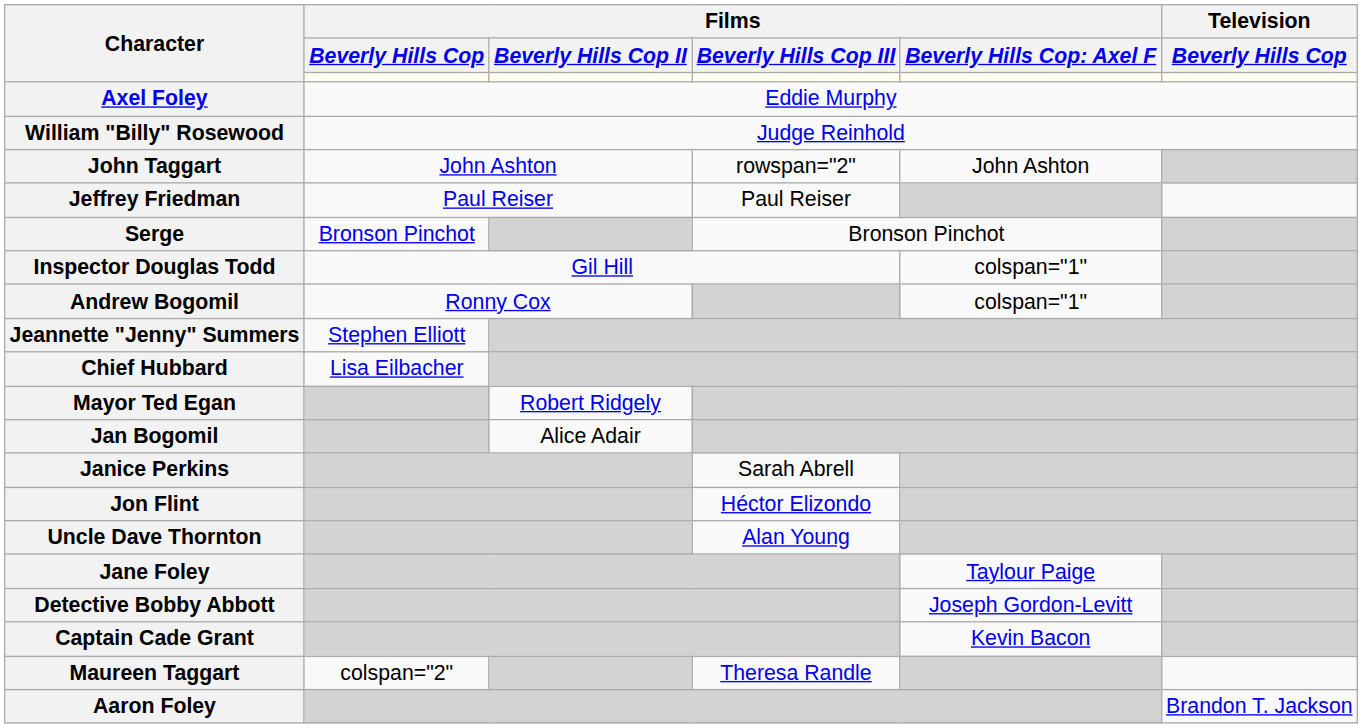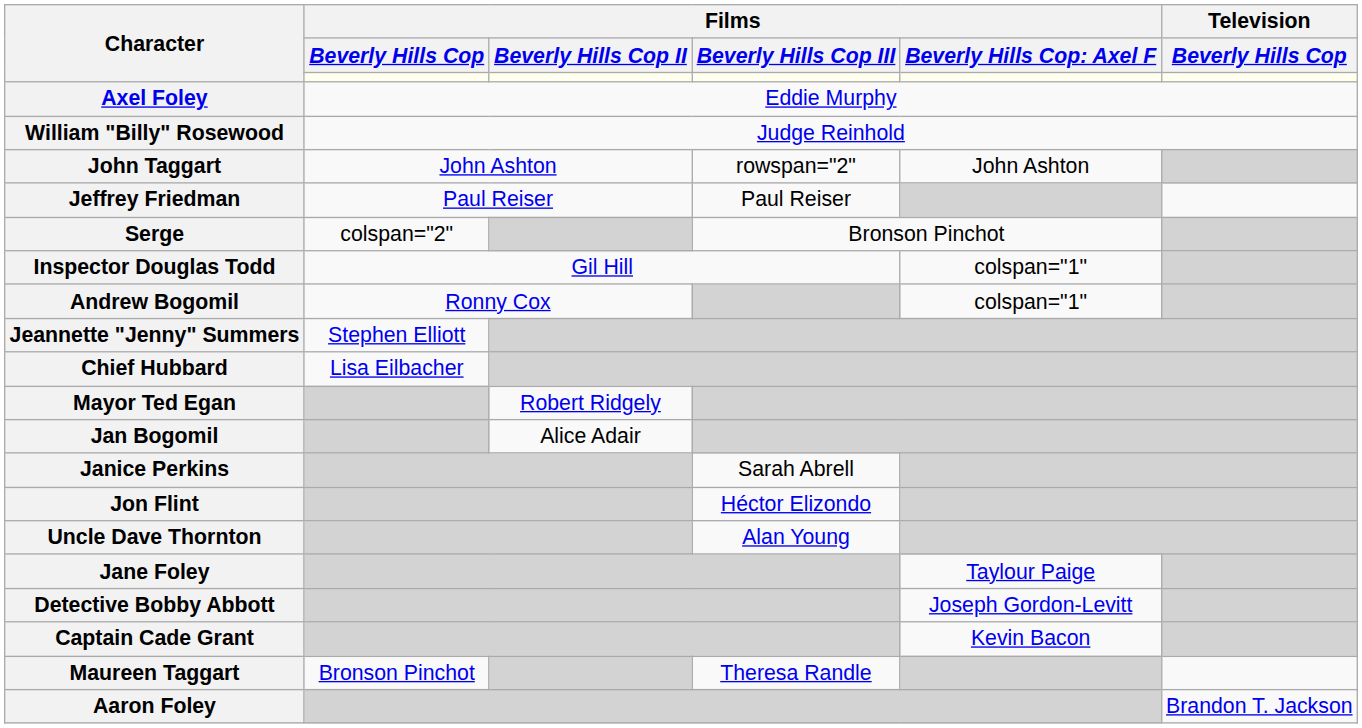 <table class="wikitable" style="text-align:center;">
 <tr>
 <th rowspan="3">Character</th>
 <th colspan="4">Films</th>
 <th>Television</th>
 </tr>
 <tr>
 <th><em><a href='#'>Beverly Hills Cop</a></em></th>
 <th><em><a href='#'>Beverly Hills Cop II</a></em></th>
 <th><em><a href='#'>Beverly Hills Cop III</a></em></th>
 <th><em><a href='#'>Beverly Hills Cop: Axel F</a></em></th>
 <th><a href='#'><em>Beverly Hills Cop</em></a></th>
 </tr>
 <tr>
 <th style="background:ivory;"></th>
 <th style="background:ivory;"></th>
 <th style="background:ivory;"></th>
 <th style="background:ivory;"></th>
 <th style="background:ivory;"></th>
 </tr>
 <tr>
 <th><a href='#'>Axel Foley</a></th>
 <td colspan="5"><a href='#'>Eddie Murphy</a></td>
 </tr>
 <tr>
 <th>William "Billy" Rosewood</th>
 <td colspan="5"><a href='#'>Judge Reinhold</a></td>
 </tr>
 <tr>
 <th>John Taggart</th>
 <td colspan="2"><a href='#'>John Ashton</a></td>
 <td>rowspan="2" </td>
 <td>John Ashton</td>
 <td style="background:#d3d3d3;"></td>
 </tr>
 <tr>
 <th>Jeffrey Friedman</th>
 <td colspan="2"><a href='#'>Paul Reiser</a></td>
 <td>Paul Reiser</td>
 <td style="background:#d3d3d3;"></td>
 </tr>
 <tr>
 <th>Serge</th>
-<td><a href='#'>Bronson Pinchot</a></td>
+<td>colspan="2" </td>
 <td style="background:#d3d3d3;"></td>
 <td colspan="2">Bronson Pinchot</td>
 <td style="background:#d3d3d3;"></td>
 </tr>
 <tr>
 <th>Inspector Douglas Todd</th>
 <td colspan="3"><a href='#'>Gil Hill</a></td>
 <td>colspan="1" </td>
 <td colspan="1" style="background:#d3d3d3;"></td>
 </tr>
 <tr>
 <th>Andrew Bogomil</th>
 <td colspan="2"><a href='#'>Ronny Cox</a></td>
 <td colspan="1" style="background:#d3d3d3;"></td>
 <td>colspan="1" </td>
 <td colspan="2" style="background:#d3d3d3;"></td>
 </tr>
 <tr>
 <th>Jeannette "Jenny" Summers</th>
 <td><a href='#'>Stephen Elliott</a></td>
 <td colspan="4" style="background:#d3d3d3;"></td>
 </tr>
 <tr>
 <th>Chief Hubbard</th>
 <td><a href='#'>Lisa Eilbacher</a></td>
 <td colspan="4" style="background:#d3d3d3;"></td>
 </tr>
 <tr>
 <th>Mayor Ted Egan</th>
 <td style="background:#d3d3d3;"></td>
 <td><a href='#'>Robert Ridgely</a></td>
 <td colspan="3" style="background:#d3d3d3;"></td>
 </tr>
 <tr>
 <th>Jan Bogomil</th>
 <td style="background:#d3d3d3;"></td>
 <td>Alice Adair</td>
 <td colspan="3" style="background:#d3d3d3;"></td>
 </tr>
 <tr>
 <th>Janice Perkins</th>
 <td colspan="2" style="background:#d3d3d3;"></td>
 <td>Sarah Abrell</td>
 <td colspan="2" style="background:#d3d3d3;"></td>
 </tr>
 <tr>
 <th>Jon Flint</th>
 <td colspan="2" style="background:#d3d3d3;"></td>
 <td><a href='#'>Héctor Elizondo</a></td>
 <td colspan="2" style="background:#d3d3d3;"></td>
 </tr>
 <tr>
 <th>Uncle Dave Thornton</th>
 <td colspan="2" style="background:#d3d3d3;"></td>
 <td><a href='#'>Alan Young</a></td>
 <td colspan="2" style="background:#d3d3d3;"></td>
 </tr>
 <tr>
 <th>Jane Foley<br></th>
 <td colspan="3" style="background:#d3d3d3;"></td>
 <td><a href='#'>Taylour Paige</a></td>
 <td style="background:#d3d3d3;"></td>
 </tr>
 <tr>
 <th>Detective Bobby Abbott</th>
 <td colspan="3" style="background:#d3d3d3;"></td>
 <td><a href='#'>Joseph Gordon-Levitt</a></td>
 <td style="background:#d3d3d3;"></td>
 </tr>
 <tr>
 <th>Captain Cade Grant</th>
 <td colspan="3" style="background:#d3d3d3;"></td>
 <td><a href='#'>Kevin Bacon</a></td>
 <td style="background:#d3d3d3;"></td>
 </tr>
 <tr>
 <th>Maureen Taggart</th>
-<td>colspan="2" </td>
+<td><a href='#'>Bronson Pinchot</a></td>
 <td style="background:#d3d3d3;"></td>
 <td><a href='#'>Theresa Randle</a></td>
 <td style="background:#d3d3d3;"></td>
 </tr>
 <tr>
 <th>Aaron Foley</th>
 <td colspan="4" style="background:#d3d3d3;"></td>
 <td><a href='#'>Brandon T. Jackson</a></td>
 </tr>
 </table>
